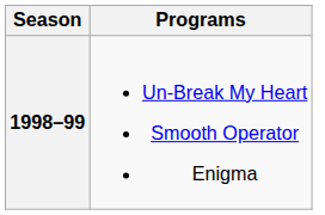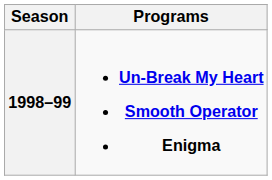 <table class="wikitable" style="text-align:center">
 <tr>
 <th>Season</th>
 <th>Programs</th>
 </tr>
 <tr>
 <th>1998–99</th>
-<td><br><ul><li><a href='#'>Un-Break My Heart</a> <br></li></ul><ul><li><a href='#'>Smooth Operator</a> <br></li></ul><ul><li>Enigma</li></ul></td>
+<td><strong><br><ul><li><a href='#'>Un-Break My Heart</a> <br></li></ul><ul><li><a href='#'>Smooth Operator</a> <br></li></ul><ul><li>Enigma</li></ul></strong></td>
 </tr>
 </table>
